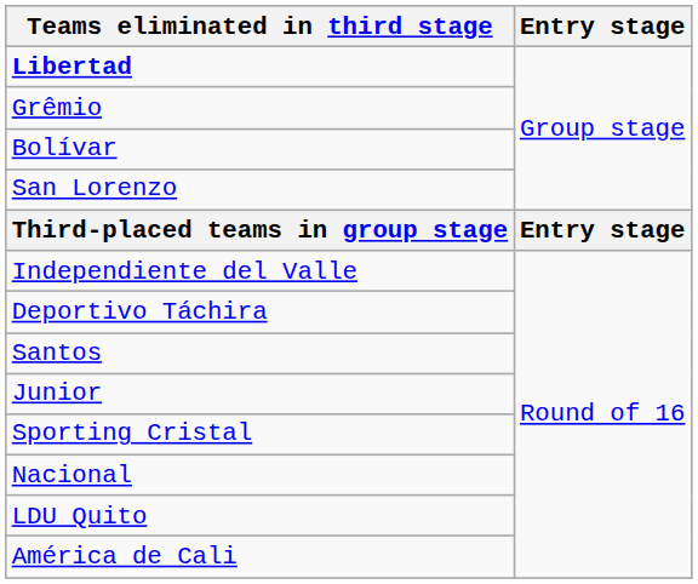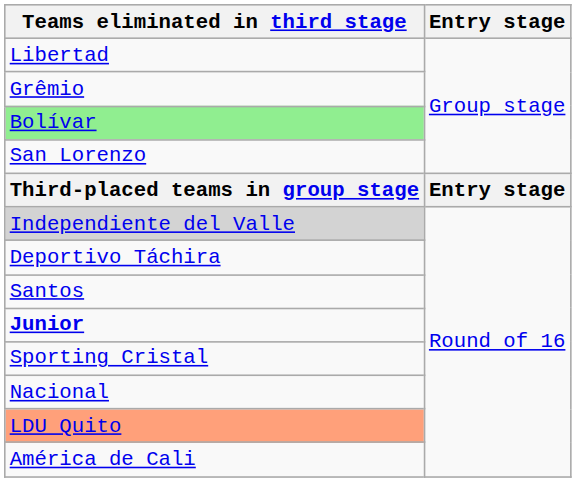 <table class="wikitable">
 <tr>
 <th>Teams eliminated in <a href='#'>third stage</a></th>
 <th>Entry stage</th>
 </tr>
 <tr>
-<td><strong> <a href='#'>Libertad</a></strong></td>
+<td> <a href='#'>Libertad</a></td>
 <td rowspan=4><a href='#'>Group stage</a></td>
 </tr>
 <tr>
 <td> <a href='#'>Grêmio</a></td>
 </tr>
 <tr>
-<td> <a href='#'>Bolívar</a></td>
+<td style="background: lightgreen;"> <a href='#'>Bolívar</a></td>
 </tr>
 <tr>
 <td> <a href='#'>San Lorenzo</a></td>
 </tr>
 <tr>
 <th>Third-placed teams in <a href='#'>group stage</a></th>
 <th>Entry stage</th>
 </tr>
 <tr>
-<td> <a href='#'>Independiente del Valle</a></td>
+<td style="background: lightgrey;"> <a href='#'>Independiente del Valle</a></td>
 <td rowspan=8><a href='#'>Round of 16</a></td>
 </tr>
 <tr>
 <td> <a href='#'>Deportivo Táchira</a></td>
 </tr>
 <tr>
 <td> <a href='#'>Santos</a></td>
 </tr>
 <tr>
-<td> <a href='#'>Junior</a></td>
+<td><strong> <a href='#'>Junior</a></strong></td>
 </tr>
 <tr>
 <td> <a href='#'>Sporting Cristal</a></td>
 </tr>
 <tr>
 <td> <a href='#'>Nacional</a></td>
 </tr>
 <tr>
-<td> <a href='#'>LDU Quito</a></td>
+<td style="background: lightsalmon;"> <a href='#'>LDU Quito</a></td>
 </tr>
 <tr>
 <td> <a href='#'>América de Cali</a></td>
 </tr>
 </table>
